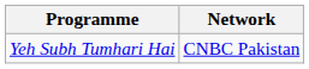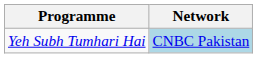 <table class="wikitable">
 <tr>
 <th>Programme</th>
 <th>Network</th>
 </tr>
 <tr>
 <td><em><a href='#'>Yeh Subh Tumhari Hai</a></em></td>
-<td><a href='#'>CNBC Pakistan</a></td>
+<td style="background: lightblue;"><a href='#'>CNBC Pakistan</a></td>
 </tr>
 </table>
